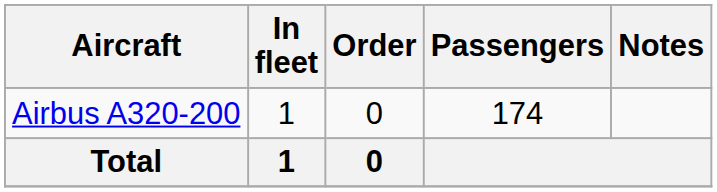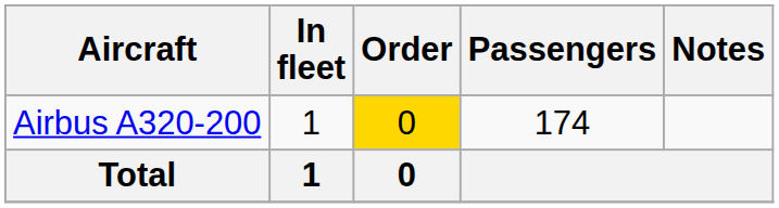 <table class="wikitable">
 <tr>
 <th>Aircraft</th>
 <th style="width:25px;">In fleet</th>
 <th>Order</th>
 <th>Passengers</th>
 <th>Notes</th>
 </tr>
 <tr>
 <td><a href='#'>Airbus A320-200</a></td>
 <td align=center>1</td>
-<td align=center>0</td>
+<td align=center style="background: gold;">0</td>
 <td align=center>174</td>
 <td></td>
 </tr>
 <tr>
 <th>Total</th>
 <th>1</th>
 <th>0</th>
 <th colspan="2"></th>
 </tr>
 <tr>
 </tr>
 </table>
